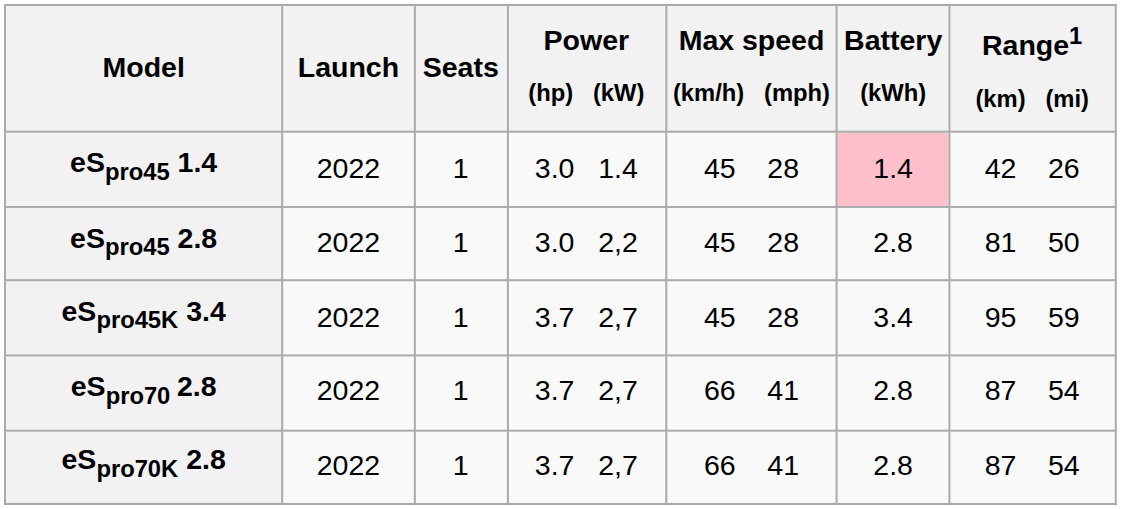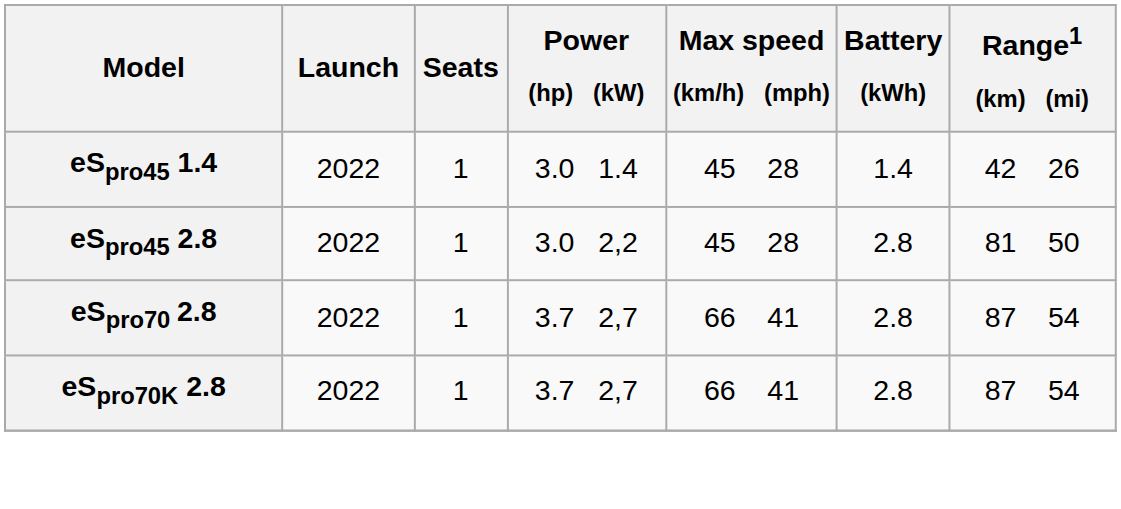 <table class="wikitable" style="text-align:center;font-size:90%;line-height:180%;">
 <tr>
 <td style="text-align: center;width: 100pt;background: #f2f2f2"><strong>Model</strong></td>
 <td style="text-align: center;width: 45pt;background: #f2f2f2"><strong>Launch</strong></td>
 <td style="text-align: center;width: 30pt;background: #f2f2f2"><strong>Seats</strong></td>
 <td style="text-align: center;width: 55pt;background: #f2f2f2"><strong>Power<br><small>(hp)   (kW)</small></strong></td>
 <td style="text-align: center;width: 60pt;background: #f2f2f2"><strong>Max speed<br><small>(km/h)   (mph)</small></strong></td>
 <td style="text-align: center;width: 35pt;background: #f2f2f2"><strong>Battery<br><small>(kWh)</small></strong></td>
 <td style="text-align: center;width: 58pt;background: #f2f2f2"><strong>Range<sup>1</sup><br><small>(km)   (mi)</small></strong></td>
 </tr>
 <tr>
 <td style="text-align: center;background: #f2f2f2"><strong>eS<sub>pro45</sub> 1.4</strong></td>
 <td style="text-align: center">2022</td>
 <td style="text-align: center">1</td>
 <td style="text-align: center">3.0   1.4</td>
 <td style="text-align: center">45    28</td>
-<td style="background: pink; text-align: center">1.4</td>
+<td style="text-align: center">1.4</td>
 <td style="text-align: center">42    26</td>
 </tr>
 <tr>
 <td style="text-align: center;background: #f2f2f2"><strong>eS<sub>pro45</sub> 2.8</strong></td>
 <td style="text-align: center">2022</td>
 <td style="text-align: center">1</td>
 <td style="text-align: center">3.0   2,2</td>
 <td style="text-align: center">45    28</td>
 <td style="text-align: center">2.8</td>
 <td style="text-align: center">81    50</td>
-</tr>
-<tr>
-<td style="text-align: center;background: #f2f2f2"><strong>eS<sub>pro45K</sub> 3.4</strong></td>
-<td style="text-align: center">2022</td>
-<td style="text-align: center">1</td>
-<td style="text-align: center">3.7   2,7</td>
-<td style="text-align: center">45    28</td>
-<td style="text-align: center">3.4</td>
-<td style="text-align: center">95    59</td>
 </tr>
 <tr>
 <td style="text-align: center;background: #f2f2f2"><strong>eS<sub>pro70 </sub> 2.8</strong></td>
 <td style="text-align: center">2022</td>
 <td style="text-align: center">1</td>
 <td style="text-align: center">3.7   2,7</td>
 <td style="text-align: center">66    41</td>
 <td style="text-align: center">2.8</td>
 <td style="text-align: center">87    54</td>
 </tr>
 <tr>
 <td style="text-align: center;background: #f2f2f2"><strong>eS<sub>pro70K</sub> 2.8</strong></td>
 <td style="text-align: center">2022</td>
 <td style="text-align: center">1</td>
 <td style="text-align: center">3.7   2,7</td>
 <td style="text-align: center">66    41</td>
 <td style="text-align: center">2.8</td>
 <td style="text-align: center">87    54</td>
 </tr>
 <tr>
 </tr>
 </table>
